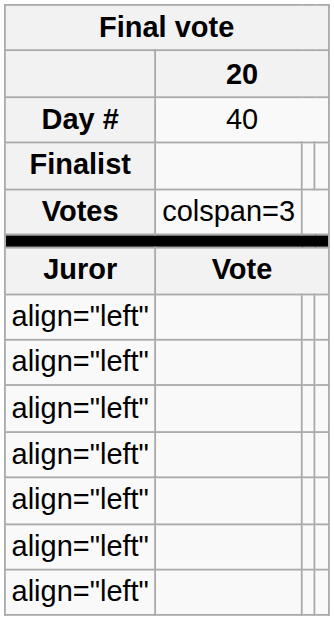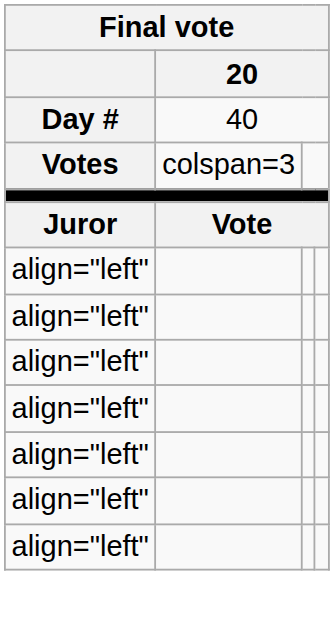 <table class="wikitable" style="text-align:center">
 <tr>
 <th colspan="4">Final vote</th>
 </tr>
 <tr>
 <th></th>
 <th colspan="3">20</th>
 </tr>
 <tr>
 <th>Day #</th>
 <td colspan="3">40</td>
-</tr>
-<tr>
-<th>Finalist</th>
-<td></td>
-<td></td>
-<td></td>
 </tr>
 <tr>
 <th>Votes</th>
 <td>colspan=3 </td>
 </tr>
 <tr>
 <td colspan=4 bgcolor=black></td>
 </tr>
 <tr>
 <th>Juror</th>
 <th colspan="3">Vote</th>
 </tr>
 <tr>
 <td>align="left" </td>
 <td></td>
 <td></td>
 <td></td>
 </tr>
 <tr>
 <td>align="left" </td>
 <td></td>
 <td></td>
 <td></td>
 </tr>
 <tr>
 <td>align="left" </td>
 <td></td>
 <td></td>
 <td></td>
 </tr>
 <tr>
 <td>align="left" </td>
 <td></td>
 <td></td>
 <td></td>
 </tr>
 <tr>
 <td>align="left" </td>
 <td></td>
 <td></td>
 <td></td>
 </tr>
 <tr>
 <td>align="left" </td>
 <td></td>
 <td></td>
 <td></td>
 </tr>
 <tr>
 <td>align="left" </td>
 <td></td>
 <td></td>
 <td></td>
 </tr>
 </table>
